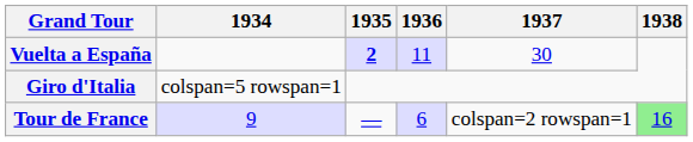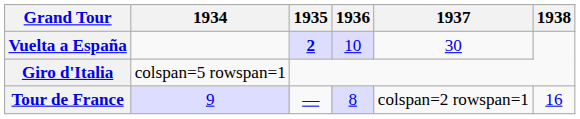 <table class="wikitable plainrowheaders">
 <tr>
 <th scope="col"><a href='#'>Grand Tour</a></th>
 <th scope="col">1934</th>
 <th scope="col">1935</th>
 <th scope="col">1936</th>
 <th scope="col">1937</th>
 <th scope="col">1938</th>
 </tr>
 <tr style="text-align:center;">
 <th scope="row"> <a href='#'>Vuelta a España</a></th>
 <td></td>
 <td style="background:#ddf;"><a href='#'><strong>2</strong></a></td>
-<td style="background:#ddf;"><a href='#'>11</a></td>
+<td style="background:#ddf;"><a href='#'>10</a></td>
 <td><a href='#'>30</a></td>
 </tr>
 <tr style="text-align:center;">
 <th scope="row"> <a href='#'>Giro d'Italia</a></th>
 <td>colspan=5 rowspan=1 </td>
 </tr>
 <tr style="text-align:center;">
 <th scope="row"> <a href='#'>Tour de France</a></th>
 <td style="background:#ddf;"><a href='#'>9</a></td>
 <td><a href='#'>—</a></td>
-<td style="background:#ddf;"><a href='#'>6</a></td>
+<td style="background:#ddf;"><a href='#'>8</a></td>
 <td>colspan=2 rowspan=1 </td>
-<td style="background: lightgreen;"><a href='#'>16</a></td>
+<td><a href='#'>16</a></td>
 </tr>
 </table>
